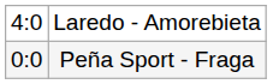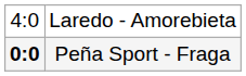 <table class="wikitable">
 <tr align=center bgcolor=white>
 <td>4:0</td>
 <td>Laredo - Amorebieta</td>
 </tr>
 <tr align=center bgcolor=#F5F5F5>
-<td>0:0</td>
+<td><strong>0:0</strong></td>
 <td>Peña Sport - Fraga</td>
 </tr>
 </table>
